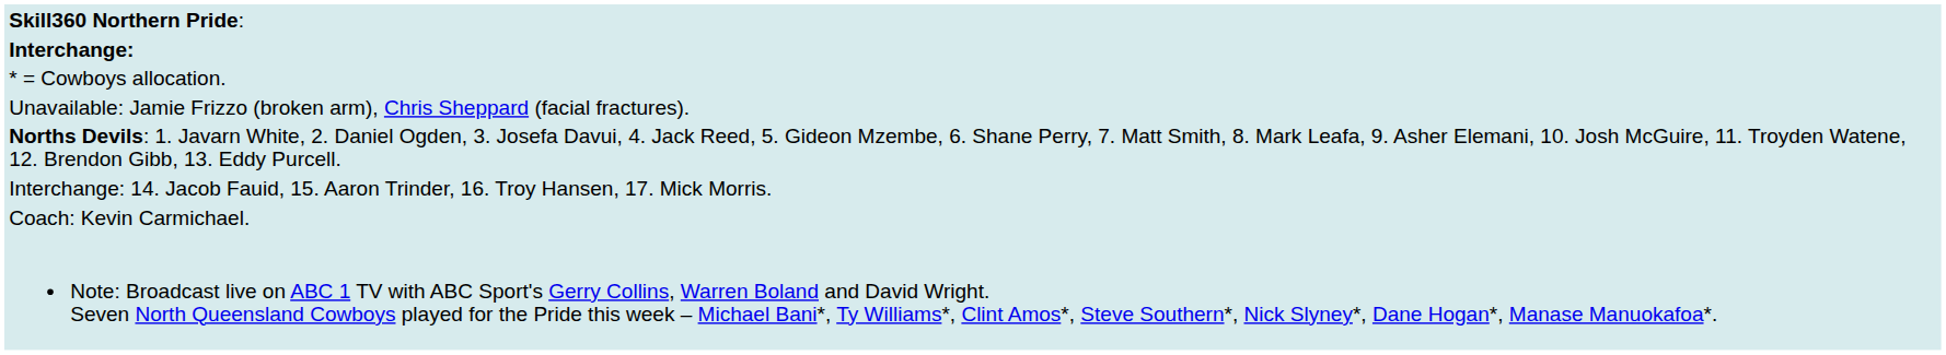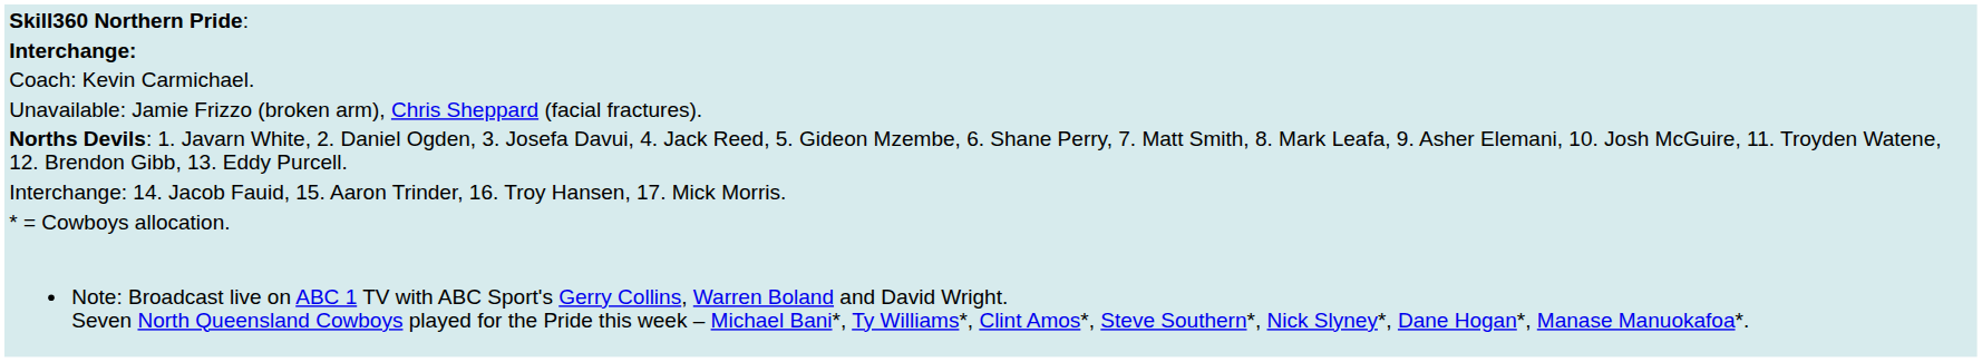 <table style="background:#d7ebed; font-size:85%; width:100%;">
 <tr>
 <td><strong>Skill360 Northern Pride</strong>:             </td>
 </tr>
 <tr>
 <td><strong>Interchange:    </strong></td>
 </tr>
 <tr>
-<td>* = Cowboys allocation.</td>
+<td>Coach: Kevin Carmichael.</td>
 </tr>
 <tr>
 <td>Unavailable: Jamie Frizzo (broken arm), <a href='#'>Chris Sheppard</a> (facial fractures).</td>
 </tr>
 <tr>
 <td><strong>Norths Devils</strong>: 1. Javarn White, 2. Daniel Ogden, 3. Josefa Davui, 4. Jack Reed, 5. Gideon Mzembe, 6. Shane Perry, 7. Matt Smith, 8. Mark Leafa, 9. Asher Elemani, 10. Josh McGuire, 11. Troyden Watene, 12. Brendon Gibb, 13. Eddy Purcell.</td>
 </tr>
 <tr>
 <td>Interchange: 14. Jacob Fauid, 15. Aaron Trinder, 16. Troy Hansen, 17. Mick Morris.</td>
 </tr>
 <tr>
-<td>Coach: Kevin Carmichael.</td>
+<td>* = Cowboys allocation.</td>
 </tr>
 <tr>
 <td><br><ul><li>Note: Broadcast live on <a href='#'>ABC 1</a> TV with ABC Sport's <a href='#'>Gerry Collins</a>, <a href='#'>Warren Boland</a> and David Wright.<br>Seven <a href='#'>North Queensland Cowboys</a> played for the Pride this week – <a href='#'>Michael Bani</a>*, <a href='#'>Ty Williams</a>*, <a href='#'>Clint Amos</a>*, <a href='#'>Steve Southern</a>*, <a href='#'>Nick Slyney</a>*, <a href='#'>Dane Hogan</a>*, <a href='#'>Manase Manuokafoa</a>*.</li></ul></td>
 </tr>
 </table>
